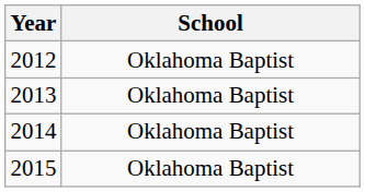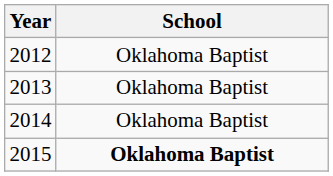 <table class="wikitable" style=text-align:center>
 <tr>
 <th>Year</th>
 <th width=200>School</th>
 </tr>
 <tr>
 <td>2012</td>
 <td>Oklahoma Baptist</td>
 </tr>
 <tr>
 <td>2013</td>
 <td>Oklahoma Baptist</td>
 </tr>
 <tr>
 <td>2014</td>
 <td>Oklahoma Baptist</td>
 </tr>
 <tr>
 <td>2015</td>
-<td>Oklahoma Baptist</td>
+<td><strong>Oklahoma Baptist</strong></td>
 </tr>
 </table>
